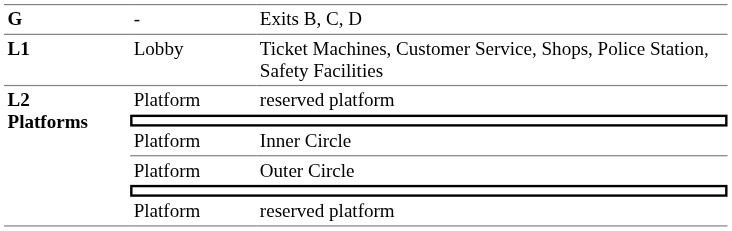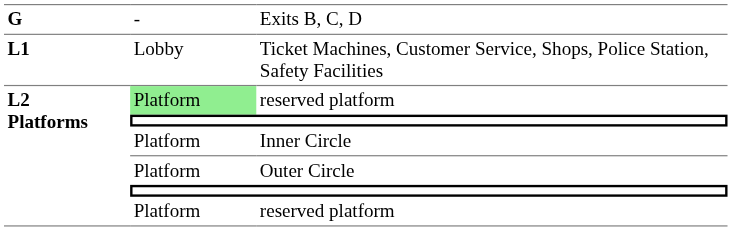 <table table border=0 cellspacing=0 cellpadding=3>
 <tr>
 <td style="border-top:solid 1px gray;" width=50 valign=top><strong>G</strong></td>
 <td style="border-top:solid 1px gray;" width=100 valign=top>-</td>
 <td style="border-top:solid 1px gray;" width=390 valign=top>Exits B, C, D</td>
 </tr>
 <tr>
 <td style="border-bottom:solid 1px gray; border-top:solid 1px gray;" valign=top width=100><strong>L1</strong></td>
 <td style="border-bottom:solid 1px gray; border-top:solid 1px gray;" valign=top width=100>Lobby</td>
 <td style="border-bottom:solid 1px gray; border-top:solid 1px gray;" valign=top width=390>Ticket Machines, Customer Service, Shops, Police Station, Safety Facilities</td>
 </tr>
 <tr>
 <td rowspan=3 valign=top><strong>L2<br>Platforms</strong></td>
-<td>Platform </td>
+<td style="background: lightgreen;">Platform </td>
 <td> reserved platform</td>
 </tr>
 <tr>
 <td style="border-right:solid 2px black;border-left:solid 2px black;border-top:solid 2px black;border-bottom:solid 2px black;text-align:center;" colspan=2></td>
 </tr>
 <tr>
 <td style="border-bottom:solid 1px gray;">Platform </td>
 <td style="border-bottom:solid 1px gray;">  Inner Circle </td>
 </tr>
 <tr>
 <td rowspan=3 valign=top style="border-bottom:solid 1px gray;"></td>
 <td>Platform </td>
 <td> Outer Circle  </td>
 </tr>
 <tr>
 <td style="border-right:solid 2px black;border-left:solid 2px black;border-top:solid 2px black;border-bottom:solid 2px black;text-align:center;" colspan=2></td>
 </tr>
 <tr>
 <td style="border-bottom:solid 1px gray;">Platform </td>
 <td style="border-bottom:solid 1px gray;"> reserved platform</td>
 </tr>
 </table>
